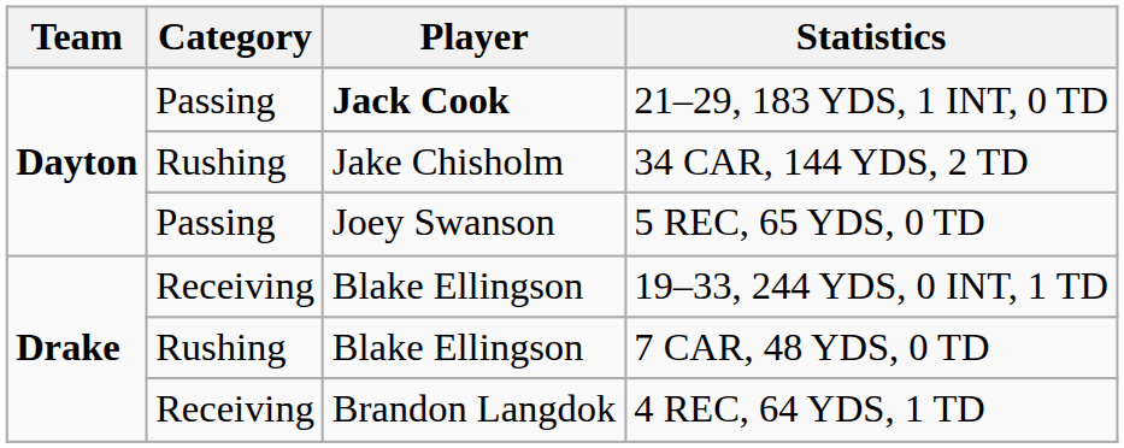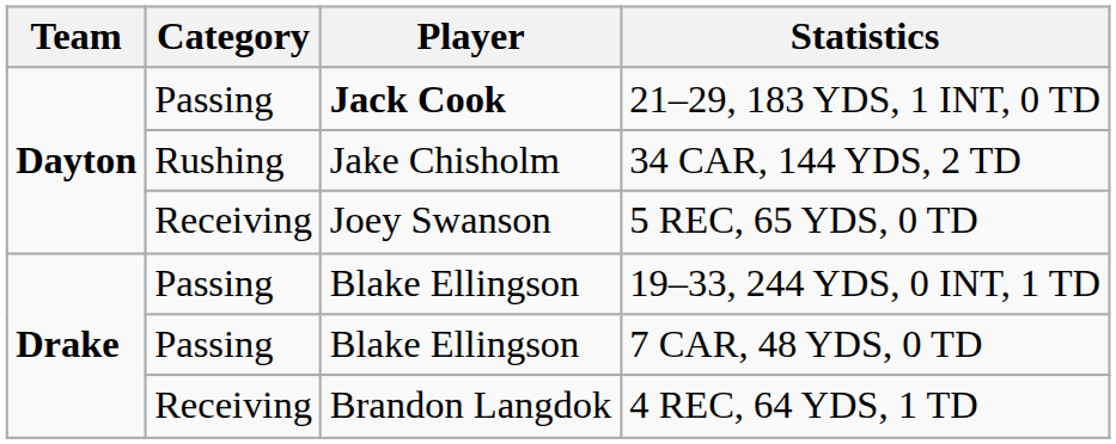 <table class="wikitable" style="float: right;">
 <tr>
 <th>Team</th>
 <th>Category</th>
 <th>Player</th>
 <th>Statistics</th>
 </tr>
 <tr>
 <td rowspan=3><strong>Dayton</strong></td>
 <td>Passing</td>
 <td><strong>Jack Cook</strong></td>
 <td>21–29, 183 YDS, 1 INT, 0 TD</td>
 </tr>
 <tr>
 <td>Rushing</td>
 <td>Jake Chisholm</td>
 <td>34 CAR, 144 YDS, 2 TD</td>
 </tr>
 <tr>
-<td>Passing</td>
+<td>Receiving</td>
 <td>Joey Swanson</td>
 <td>5 REC, 65 YDS, 0 TD</td>
 </tr>
 <tr>
 <td rowspan=3><strong>Drake</strong></td>
-<td>Receiving</td>
+<td>Passing</td>
 <td>Blake Ellingson</td>
 <td>19–33, 244 YDS, 0 INT, 1 TD</td>
 </tr>
 <tr>
-<td>Rushing</td>
+<td>Passing</td>
 <td>Blake Ellingson</td>
 <td>7 CAR, 48 YDS, 0 TD</td>
 </tr>
 <tr>
 <td>Receiving</td>
 <td>Brandon Langdok</td>
 <td>4 REC, 64 YDS, 1 TD</td>
 </tr>
 </table>
